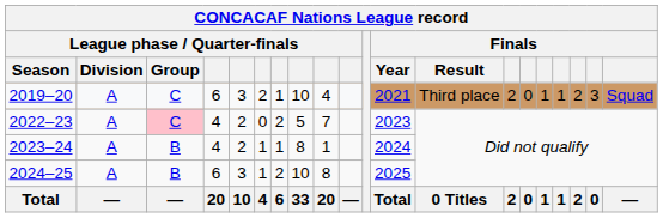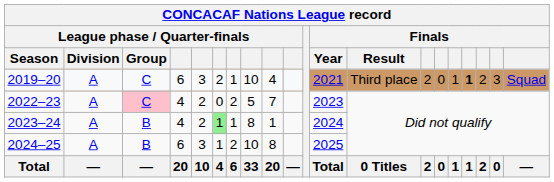 <table class="wikitable" style="text-align: center;">
 <tr>
 <th colspan=21><a href='#'>CONCACAF Nations League</a> record</th>
 </tr>
 <tr>
 <th colspan=10>League phase / Quarter-finals</th>
 <th rowspan=7></th>
 <th colspan=9>Finals</th>
 </tr>
 <tr>
 <th>Season</th>
 <th>Division</th>
 <th>Group</th>
 <th></th>
 <th></th>
 <th></th>
 <th></th>
 <th></th>
 <th></th>
 <th></th>
 <th>Year</th>
 <th>Result</th>
 <th></th>
 <th></th>
 <th></th>
 <th></th>
 <th></th>
 <th></th>
 <th></th>
 </tr>
 <tr style="background:#c96">
 <td bgcolor="#f8f9fa"><a href='#'>2019–20</a></td>
 <td bgcolor="#f8f9fa"><a href='#'>A</a></td>
 <td bgcolor="#f8f9fa"><a href='#'>C</a></td>
 <td bgcolor="#f8f9fa">6</td>
 <td bgcolor="#f8f9fa">3</td>
 <td bgcolor="#f8f9fa">2</td>
 <td bgcolor="#f8f9fa">1</td>
 <td bgcolor="#f8f9fa">10</td>
 <td bgcolor="#f8f9fa">4</td>
 <td bgcolor="#f8f9fa"></td>
 <td> <a href='#'>2021</a></td>
 <td>Third place</td>
 <td>2</td>
 <td>0</td>
 <td>1</td>
-<td>1</td>
+<td><strong>1</strong></td>
 <td>2</td>
 <td>3</td>
 <td><a href='#'>Squad</a></td>
 </tr>
 <tr>
 <td><a href='#'>2022–23</a></td>
 <td><a href='#'>A</a></td>
 <td style="background: pink;"><a href='#'>C</a></td>
 <td>4</td>
 <td>2</td>
 <td>0</td>
 <td>2</td>
 <td>5</td>
 <td>7</td>
 <td></td>
 <td> <a href='#'>2023</a></td>
 <td colspan=8 rowspan=3><em>Did not qualify</em></td>
 </tr>
 <tr>
 <td><a href='#'>2023–24</a></td>
 <td><a href='#'>A</a></td>
 <td><a href='#'>B</a></td>
 <td>4</td>
 <td>2</td>
-<td>1</td>
+<td style="background: lightgreen;">1</td>
 <td>1</td>
 <td>8</td>
 <td>1</td>
 <td></td>
 <td> <a href='#'>2024</a></td>
 </tr>
 <tr>
 <td><a href='#'>2024–25</a></td>
 <td><a href='#'>A</a></td>
 <td><a href='#'>B</a></td>
 <td>6</td>
 <td>3</td>
 <td>1</td>
 <td>2</td>
 <td>10</td>
 <td>8</td>
 <td></td>
 <td> <a href='#'>2025</a></td>
 </tr>
 <tr>
 <th>Total</th>
 <th>—</th>
 <th>—</th>
 <th>20</th>
 <th>10</th>
 <th>4</th>
 <th>6</th>
 <th>33</th>
 <th>20</th>
 <th>—</th>
 <th>Total</th>
 <th>0 Titles</th>
 <th>2</th>
 <th>0</th>
 <th>1</th>
 <th>1</th>
 <th>2</th>
 <th>0</th>
 <th>—</th>
 </tr>
 </table>
